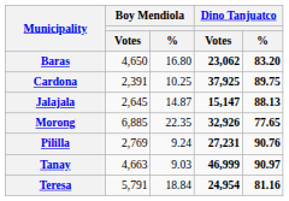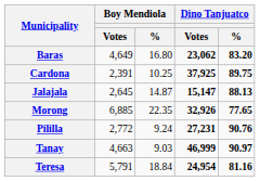 <table class="wikitable collapsible collapsed" style="text-align:right; font-size:95%; line-height:20px;">
 <tr>
 <th width="125" rowspan="3"><a href='#'>Municipality</a></th>
 <th width="110" colspan="2">Boy Mendiola</th>
 <th width="110" colspan="2"><a href='#'>Dino Tanjuatco</a></th>
 </tr>
 <tr>
 <th colspan="2" style="background:"></th>
 <th colspan="2" style="background:"></th>
 </tr>
 <tr>
 <th>Votes</th>
 <th>%</th>
 <th>Votes</th>
 <th>%</th>
 </tr>
 <tr>
 <th scope="row"><a href='#'>Baras</a></th>
-<td>4,650</td>
+<td>4,649</td>
 <td>16.80</td>
 <td style="background:"><strong>23,062</strong></td>
 <td style="background:"><strong>83.20</strong></td>
 </tr>
 <tr>
 <th scope="row"><a href='#'>Cardona</a></th>
 <td>2,391</td>
 <td>10.25</td>
 <td style="background:"><strong>37,925</strong></td>
 <td style="background:"><strong>89.75</strong></td>
 </tr>
 <tr>
 <th scope="row"><a href='#'>Jalajala</a></th>
 <td>2,645</td>
 <td>14.87</td>
 <td style="background:"><strong>15,147</strong></td>
 <td style="background:"><strong>88.13</strong></td>
 </tr>
 <tr>
 <th scope="row"><a href='#'>Morong</a></th>
 <td>6,885</td>
 <td>22.35</td>
 <td style="background:"><strong>32,926</strong></td>
 <td style="background:"><strong>77.65</strong></td>
 </tr>
 <tr>
 <th scope="row"><a href='#'>Pililla</a></th>
-<td>2,769</td>
+<td>2,772</td>
 <td>9.24</td>
 <td style="background:"><strong>27,231</strong></td>
 <td style="background:"><strong>90.76</strong></td>
 </tr>
 <tr>
 <th scope="row"><a href='#'>Tanay</a></th>
 <td>4,663</td>
 <td>9.03</td>
 <td style="background:"><strong>46,999</strong></td>
 <td style="background:"><strong>90.97</strong></td>
 </tr>
 <tr>
 <th scope="row"><a href='#'>Teresa</a></th>
 <td>5,791</td>
 <td>18.84</td>
 <td style="background:"><strong>24,954</strong></td>
 <td style="background:"><strong>81.16</strong></td>
 </tr>
 </table>
